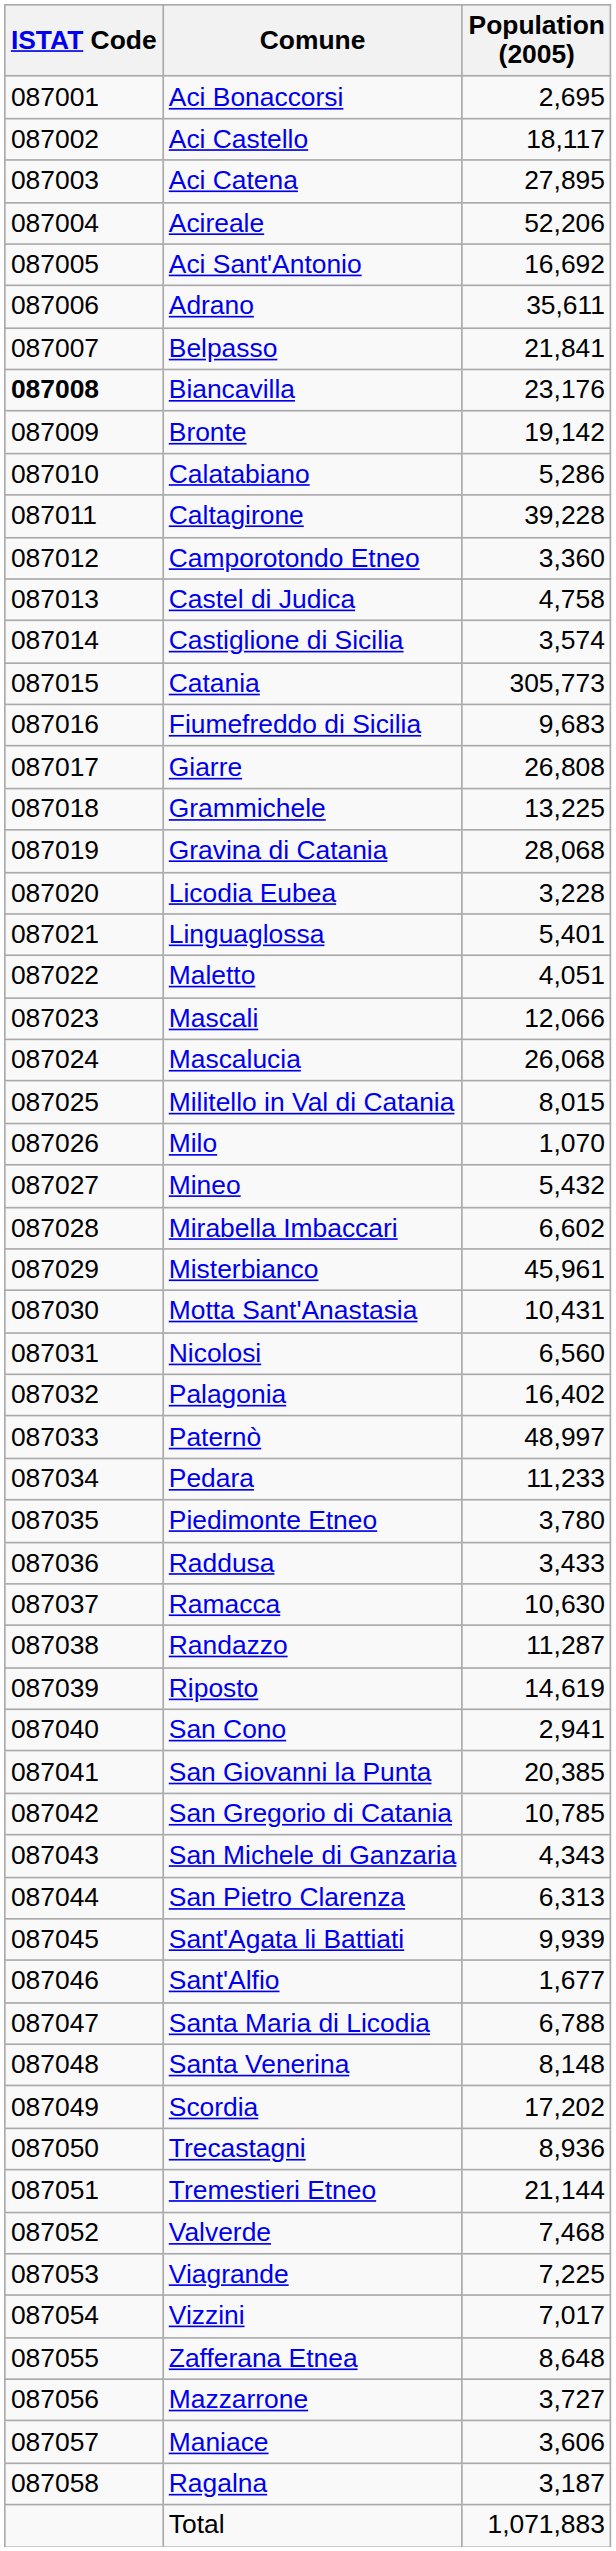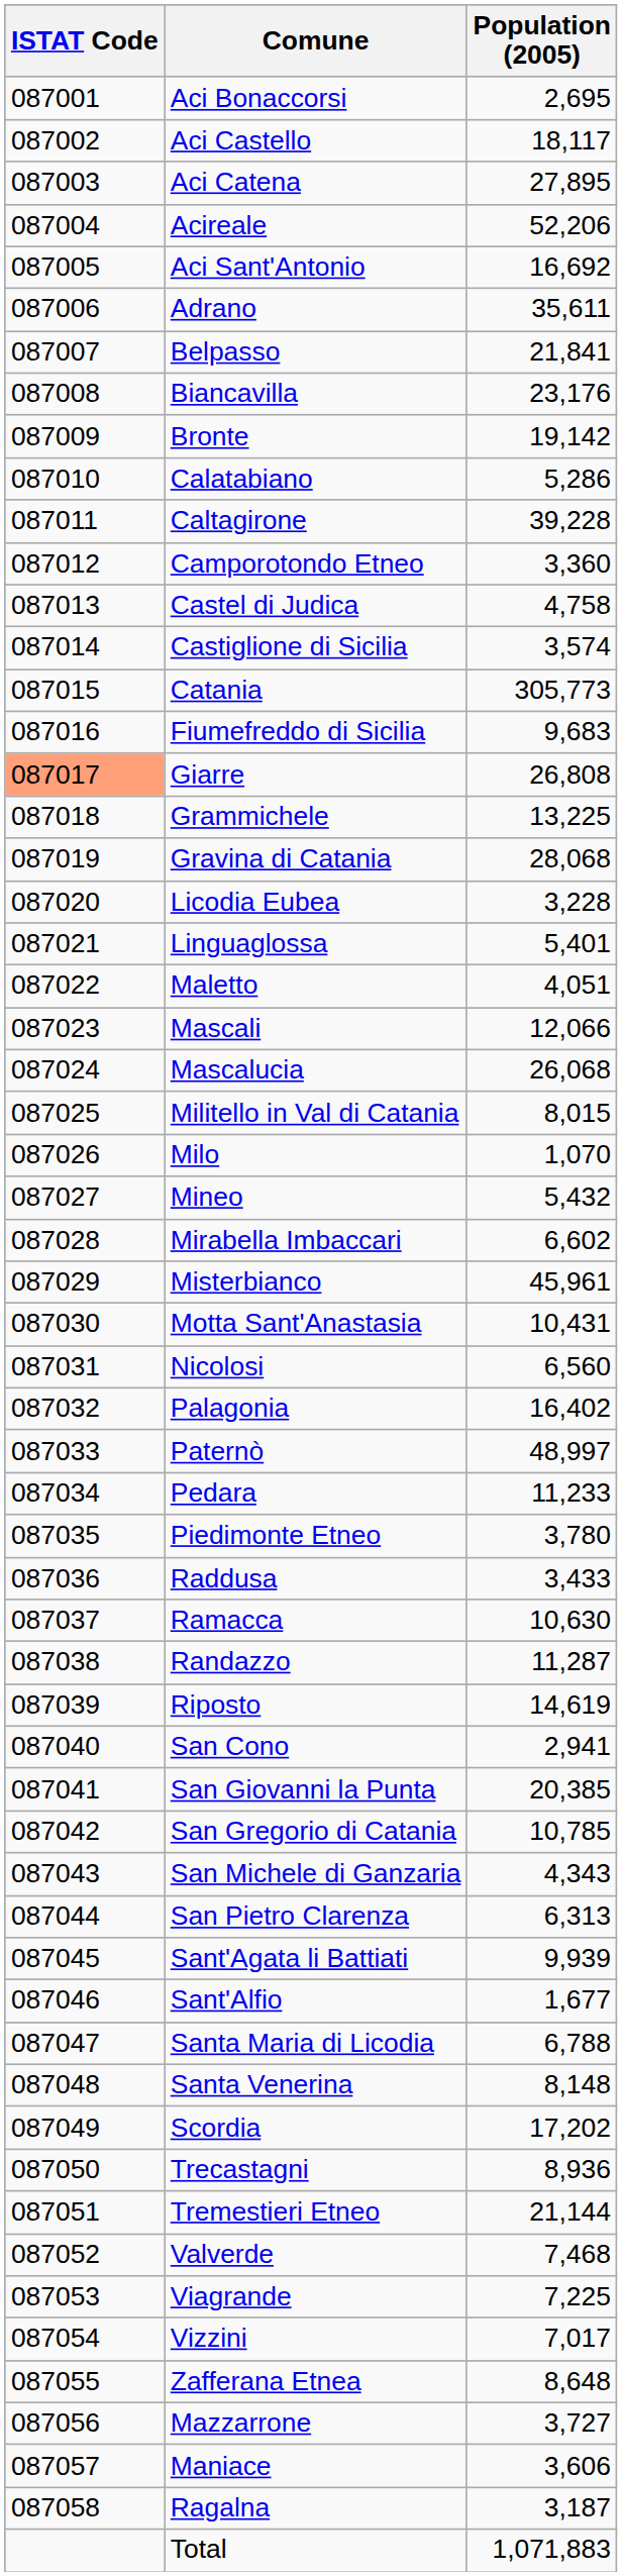 <table class="wikitable sortable">
 <tr>
 <th><a href='#'>ISTAT</a> Code</th>
 <th>Comune</th>
 <th>Population <br>(2005)</th>
 </tr>
 <tr>
 <td>087001</td>
 <td><a href='#'>Aci Bonaccorsi</a></td>
 <td align="right">2,695</td>
 </tr>
 <tr>
 <td>087002</td>
 <td><a href='#'>Aci Castello</a></td>
 <td align="right">18,117</td>
 </tr>
 <tr>
 <td>087003</td>
 <td><a href='#'>Aci Catena</a></td>
 <td align="right">27,895</td>
 </tr>
 <tr>
 <td>087004</td>
 <td><a href='#'>Acireale</a></td>
 <td align="right">52,206</td>
 </tr>
 <tr>
 <td>087005</td>
 <td><a href='#'>Aci Sant'Antonio</a></td>
 <td align="right">16,692</td>
 </tr>
 <tr>
 <td>087006</td>
 <td><a href='#'>Adrano</a></td>
 <td align="right">35,611</td>
 </tr>
 <tr>
 <td>087007</td>
 <td><a href='#'>Belpasso</a></td>
 <td align="right">21,841</td>
 </tr>
 <tr>
-<td><strong>087008</strong></td>
+<td>087008</td>
 <td><a href='#'>Biancavilla</a></td>
 <td align="right">23,176</td>
 </tr>
 <tr>
 <td>087009</td>
 <td><a href='#'>Bronte</a></td>
 <td align="right">19,142</td>
 </tr>
 <tr>
 <td>087010</td>
 <td><a href='#'>Calatabiano</a></td>
 <td align="right">5,286</td>
 </tr>
 <tr>
 <td>087011</td>
 <td><a href='#'>Caltagirone</a></td>
 <td align="right">39,228</td>
 </tr>
 <tr>
 <td>087012</td>
 <td><a href='#'>Camporotondo Etneo</a></td>
 <td align="right">3,360</td>
 </tr>
 <tr>
 <td>087013</td>
 <td><a href='#'>Castel di Judica</a></td>
 <td align="right">4,758</td>
 </tr>
 <tr>
 <td>087014</td>
 <td><a href='#'>Castiglione di Sicilia</a></td>
 <td align="right">3,574</td>
 </tr>
 <tr>
 <td>087015</td>
 <td><a href='#'>Catania</a></td>
 <td align="right">305,773</td>
 </tr>
 <tr>
 <td>087016</td>
 <td><a href='#'>Fiumefreddo di Sicilia</a></td>
 <td align="right">9,683</td>
 </tr>
 <tr>
-<td>087017</td>
+<td style="background: lightsalmon;">087017</td>
 <td><a href='#'>Giarre</a></td>
 <td align="right">26,808</td>
 </tr>
 <tr>
 <td>087018</td>
 <td><a href='#'>Grammichele</a></td>
 <td align="right">13,225</td>
 </tr>
 <tr>
 <td>087019</td>
 <td><a href='#'>Gravina di Catania</a></td>
 <td align="right">28,068</td>
 </tr>
 <tr>
 <td>087020</td>
 <td><a href='#'>Licodia Eubea</a></td>
 <td align="right">3,228</td>
 </tr>
 <tr>
 <td>087021</td>
 <td><a href='#'>Linguaglossa</a></td>
 <td align="right">5,401</td>
 </tr>
 <tr>
 <td>087022</td>
 <td><a href='#'>Maletto</a></td>
 <td align="right">4,051</td>
 </tr>
 <tr>
 <td>087023</td>
 <td><a href='#'>Mascali</a></td>
 <td align="right">12,066</td>
 </tr>
 <tr>
 <td>087024</td>
 <td><a href='#'>Mascalucia</a></td>
 <td align="right">26,068</td>
 </tr>
 <tr>
 <td>087025</td>
 <td><a href='#'>Militello in Val di Catania</a></td>
 <td align="right">8,015</td>
 </tr>
 <tr>
 <td>087026</td>
 <td><a href='#'>Milo</a></td>
 <td align="right">1,070</td>
 </tr>
 <tr>
 <td>087027</td>
 <td><a href='#'>Mineo</a></td>
 <td align="right">5,432</td>
 </tr>
 <tr>
 <td>087028</td>
 <td><a href='#'>Mirabella Imbaccari</a></td>
 <td align="right">6,602</td>
 </tr>
 <tr>
 <td>087029</td>
 <td><a href='#'>Misterbianco</a></td>
 <td align="right">45,961</td>
 </tr>
 <tr>
 <td>087030</td>
 <td><a href='#'>Motta Sant'Anastasia</a></td>
 <td align="right">10,431</td>
 </tr>
 <tr>
 <td>087031</td>
 <td><a href='#'>Nicolosi</a></td>
 <td align="right">6,560</td>
 </tr>
 <tr>
 <td>087032</td>
 <td><a href='#'>Palagonia</a></td>
 <td align="right">16,402</td>
 </tr>
 <tr>
 <td>087033</td>
 <td><a href='#'>Paternò</a></td>
 <td align="right">48,997</td>
 </tr>
 <tr>
 <td>087034</td>
 <td><a href='#'>Pedara</a></td>
 <td align="right">11,233</td>
 </tr>
 <tr>
 <td>087035</td>
 <td><a href='#'>Piedimonte Etneo</a></td>
 <td align="right">3,780</td>
 </tr>
 <tr>
 <td>087036</td>
 <td><a href='#'>Raddusa</a></td>
 <td align="right">3,433</td>
 </tr>
 <tr>
 <td>087037</td>
 <td><a href='#'>Ramacca</a></td>
 <td align="right">10,630</td>
 </tr>
 <tr>
 <td>087038</td>
 <td><a href='#'>Randazzo</a></td>
 <td align="right">11,287</td>
 </tr>
 <tr>
 <td>087039</td>
 <td><a href='#'>Riposto</a></td>
 <td align="right">14,619</td>
 </tr>
 <tr>
 <td>087040</td>
 <td><a href='#'>San Cono</a></td>
 <td align="right">2,941</td>
 </tr>
 <tr>
 <td>087041</td>
 <td><a href='#'>San Giovanni la Punta</a></td>
 <td align="right">20,385</td>
 </tr>
 <tr>
 <td>087042</td>
 <td><a href='#'>San Gregorio di Catania</a></td>
 <td align="right">10,785</td>
 </tr>
 <tr>
 <td>087043</td>
 <td><a href='#'>San Michele di Ganzaria</a></td>
 <td align="right">4,343</td>
 </tr>
 <tr>
 <td>087044</td>
 <td><a href='#'>San Pietro Clarenza</a></td>
 <td align="right">6,313</td>
 </tr>
 <tr>
 <td>087045</td>
 <td><a href='#'>Sant'Agata li Battiati</a></td>
 <td align="right">9,939</td>
 </tr>
 <tr>
 <td>087046</td>
 <td><a href='#'>Sant'Alfio</a></td>
 <td align="right">1,677</td>
 </tr>
 <tr>
 <td>087047</td>
 <td><a href='#'>Santa Maria di Licodia</a></td>
 <td align="right">6,788</td>
 </tr>
 <tr>
 <td>087048</td>
 <td><a href='#'>Santa Venerina</a></td>
 <td align="right">8,148</td>
 </tr>
 <tr>
 <td>087049</td>
 <td><a href='#'>Scordia</a></td>
 <td align="right">17,202</td>
 </tr>
 <tr>
 <td>087050</td>
 <td><a href='#'>Trecastagni</a></td>
 <td align="right">8,936</td>
 </tr>
 <tr>
 <td>087051</td>
 <td><a href='#'>Tremestieri Etneo</a></td>
 <td align="right">21,144</td>
 </tr>
 <tr>
 <td>087052</td>
 <td><a href='#'>Valverde</a></td>
 <td align="right">7,468</td>
 </tr>
 <tr>
 <td>087053</td>
 <td><a href='#'>Viagrande</a></td>
 <td align="right">7,225</td>
 </tr>
 <tr>
 <td>087054</td>
 <td><a href='#'>Vizzini</a></td>
 <td align="right">7,017</td>
 </tr>
 <tr>
 <td>087055</td>
 <td><a href='#'>Zafferana Etnea</a></td>
 <td align="right">8,648</td>
 </tr>
 <tr>
 <td>087056</td>
 <td><a href='#'>Mazzarrone</a></td>
 <td align="right">3,727</td>
 </tr>
 <tr>
 <td>087057</td>
 <td><a href='#'>Maniace</a></td>
 <td align="right">3,606</td>
 </tr>
 <tr>
 <td>087058</td>
 <td><a href='#'>Ragalna</a></td>
 <td align="right">3,187</td>
 </tr>
 <tr>
 <td></td>
 <td>Total</td>
 <td align="right">1,071,883</td>
 </tr>
 <tr>
 </tr>
 </table>
